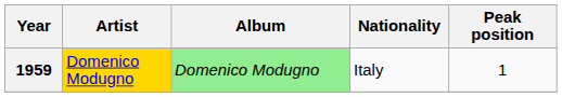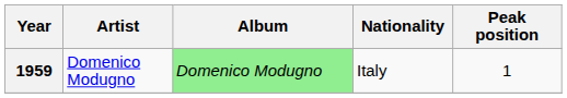 <table class="wikitable sortable plainrowheaders">
 <tr>
 <th style="width:50px;">Year</th>
 <th style="width:100px;">Artist</th>
 <th style="width:170px;">Album</th>
 <th style="width:90px;">Nationality</th>
 <th style="width:100px;">Peak position</th>
 </tr>
 <tr>
 <th scope="row">1959</th>
-<td style="background: gold;"><a href='#'>Domenico Modugno</a></td>
+<td><a href='#'>Domenico Modugno</a></td>
 <td style="background: lightgreen;"><em>Domenico Modugno</em></td>
 <td>Italy</td>
 <td style="text-align:center;">1</td>
 </tr>
 <tr>
 </tr>
 </table>
